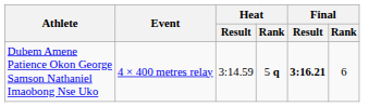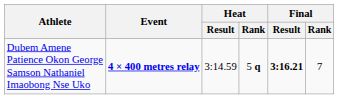 <table class="wikitable" style="font-size:90%">
 <tr>
 <th rowspan="2">Athlete</th>
 <th rowspan="2">Event</th>
 <th colspan="2">Heat</th>
 <th colspan="2">Final</th>
 </tr>
 <tr style="font-size:95%">
 <th>Result</th>
 <th>Rank</th>
 <th>Result</th>
 <th>Rank</th>
 </tr>
 <tr align=center>
 <td align=left><a href='#'>Dubem Amene</a><br><a href='#'>Patience Okon George</a><br><a href='#'>Samson Nathaniel</a><br><a href='#'>Imaobong Nse Uko</a></td>
-<td align=left><a href='#'>4 × 400 metres relay</a></td>
+<td align=left><strong><a href='#'>4 × 400 metres relay</a></strong></td>
 <td>3:14.59 </td>
 <td>5 <strong>q</strong></td>
 <td><strong>3:16.21</strong></td>
-<td>6</td>
+<td>7</td>
 </tr>
 </table>
